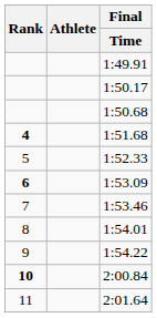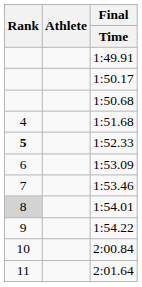 <table class="wikitable sortable"  style="text-align:center">
 <tr>
 <th rowspan="2" data-sort-type=number>Rank</th>
 <th rowspan="2">Athlete</th>
 <th colspan="1">Final</th>
 </tr>
 <tr>
 <th>Time</th>
 </tr>
 <tr>
 <td></td>
 <td align="left"></td>
 <td>1:49.91</td>
 </tr>
 <tr>
 <td></td>
 <td align="left"></td>
 <td>1:50.17</td>
 </tr>
 <tr>
 <td></td>
 <td align="left"></td>
 <td>1:50.68</td>
 </tr>
 <tr>
-<td><strong>4</strong></td>
+<td>4</td>
 <td align="left"></td>
 <td>1:51.68</td>
 </tr>
 <tr>
-<td>5</td>
+<td><strong>5</strong></td>
 <td align="left"></td>
 <td>1:52.33</td>
 </tr>
 <tr>
-<td><strong>6</strong></td>
+<td>6</td>
 <td align="left"></td>
 <td>1:53.09</td>
 </tr>
 <tr>
 <td>7</td>
 <td align="left"></td>
 <td>1:53.46</td>
 </tr>
 <tr>
-<td>8</td>
+<td style="background: lightgrey;">8</td>
 <td align="left"></td>
 <td>1:54.01</td>
 </tr>
 <tr>
 <td>9</td>
 <td align="left"></td>
 <td>1:54.22</td>
 </tr>
 <tr>
-<td><strong>10</strong></td>
+<td>10</td>
 <td align="left"></td>
 <td>2:00.84</td>
 </tr>
 <tr>
 <td>11</td>
 <td align="left"></td>
 <td>2:01.64</td>
 </tr>
 </table>
